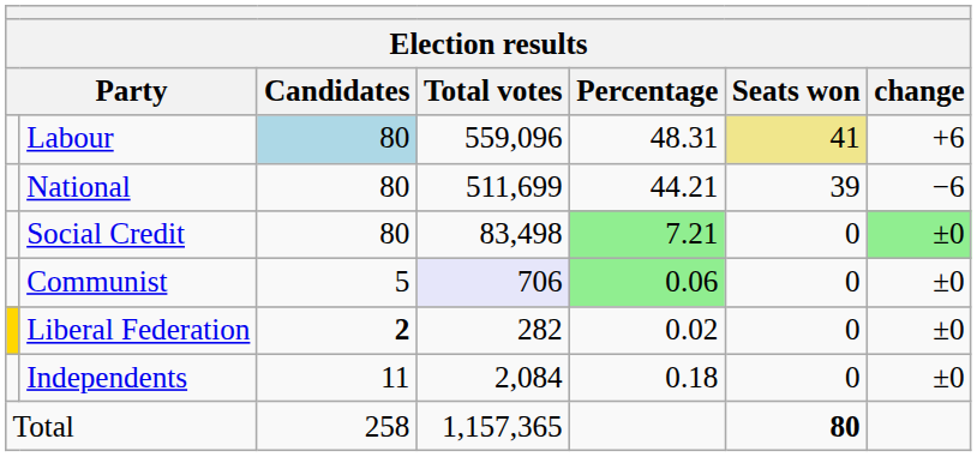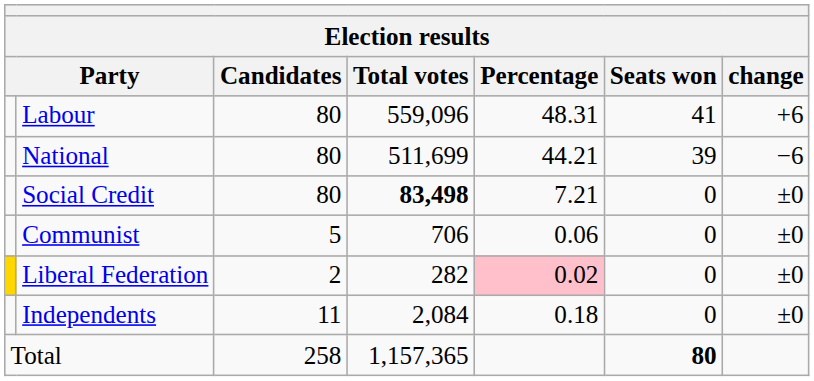 <table class="wikitable" style="text-align:right">
 <tr>
 <th colspan=7></th>
 </tr>
 <tr>
 <th colspan=7>Election results</th>
 </tr>
 <tr>
 <th colspan=2>Party</th>
 <th>Candidates</th>
 <th>Total votes</th>
 <th>Percentage</th>
 <th>Seats won</th>
 <th>change</th>
 </tr>
 <tr align=right>
 <td></td>
 <td align=left><a href='#'>Labour</a></td>
-<td style="background: lightblue;">80</td>
+<td>80</td>
 <td>559,096</td>
 <td>48.31</td>
-<td style="background: khaki;">41</td>
+<td>41</td>
 <td>+6</td>
 </tr>
 <tr align=right>
 <td></td>
 <td align=left><a href='#'>National</a></td>
 <td>80</td>
 <td>511,699</td>
 <td>44.21</td>
 <td>39</td>
 <td>−6</td>
 </tr>
 <tr align=right>
 <td></td>
 <td align=left><a href='#'>Social Credit</a></td>
 <td>80</td>
-<td>83,498</td>
-<td style="background: lightgreen;">7.21</td>
+<td><strong>83,498</strong></td>
+<td>7.21</td>
 <td>0</td>
-<td style="background: lightgreen;">±0</td>
+<td>±0</td>
 </tr>
 <tr align=right>
 <td></td>
 <td align=left><a href='#'>Communist</a></td>
 <td>5</td>
-<td style="background: lavender;">706</td>
-<td style="background: lightgreen;">0.06</td>
+<td>706</td>
+<td>0.06</td>
 <td>0</td>
 <td>±0</td>
 </tr>
 <tr align=right>
 <td bgcolor=#ffd700></td>
 <td align=left><a href='#'>Liberal Federation</a></td>
-<td><strong>2</strong></td>
+<td>2</td>
 <td>282</td>
-<td>0.02</td>
+<td style="background: pink;">0.02</td>
 <td>0</td>
 <td>±0</td>
 </tr>
 <tr align=right>
 <td></td>
 <td align=left><a href='#'>Independents</a></td>
 <td>11</td>
 <td>2,084</td>
 <td>0.18</td>
 <td>0</td>
 <td>±0</td>
 </tr>
 <tr bgcolor=>
 <td colspan=2 align=left>Total</td>
 <td>258</td>
 <td>1,157,365</td>
 <td></td>
 <td><strong>80</strong></td>
 <td></td>
 </tr>
 </table>
